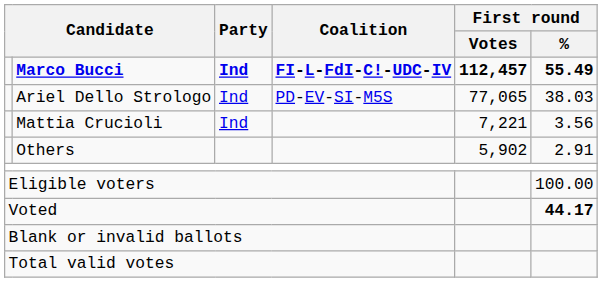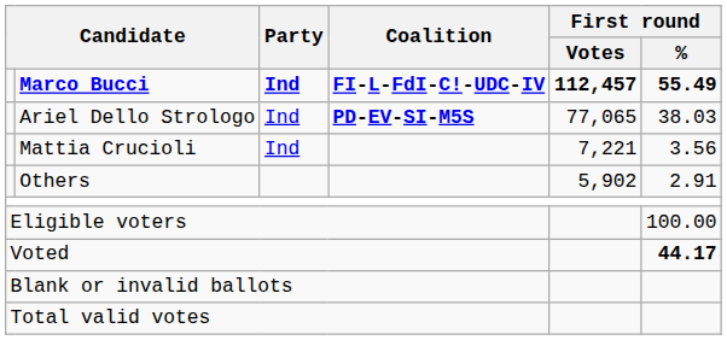 <table class="wikitable centre">
 <tr>
 <th scope="col" rowspan=2 colspan=2>Candidate</th>
 <th scope="col" rowspan=2 colspan=1>Party</th>
 <th scope="col" rowspan=2 colspan=1>Coalition</th>
 <th scope="col" colspan=2>First round</th>
 </tr>
 <tr>
 <th scope="col">Votes</th>
 <th scope="col">%</th>
 </tr>
 <tr>
 <td></td>
 <td><strong><a href='#'>Marco Bucci</a></strong></td>
 <td><strong><a href='#'>Ind</a></strong></td>
 <td><strong><a href='#'>FI</a>-<a href='#'>L</a>-<a href='#'>FdI</a>-<a href='#'>C!</a>-<a href='#'>UDC</a>-<a href='#'>IV</a></strong></td>
 <td style="text-align: right"><strong>112,457</strong></td>
 <td style="text-align: right"><strong>55.49</strong></td>
 </tr>
 <tr>
 <td></td>
 <td>Ariel Dello Strologo</td>
 <td><a href='#'>Ind</a></td>
-<td><a href='#'>PD</a>-<a href='#'>EV</a>-<a href='#'>SI</a>-<a href='#'>M5S</a></td>
+<td><strong><a href='#'>PD</a>-<a href='#'>EV</a>-<a href='#'>SI</a>-<a href='#'>M5S</a></strong></td>
 <td style="text-align: right">77,065</td>
 <td style="text-align: right">38.03</td>
 </tr>
 <tr>
 <td></td>
 <td>Mattia Crucioli</td>
 <td><a href='#'>Ind</a></td>
 <td></td>
 <td style="text-align: right">7,221</td>
 <td style="text-align: right">3.56</td>
 </tr>
 <tr>
 <td bgcolor=""></td>
 <td>Others</td>
 <td></td>
 <td></td>
 <td style="text-align: right">5,902</td>
 <td style="text-align: right">2.91</td>
 </tr>
 <tr bgcolor=white>
 <td colspan=8></td>
 </tr>
 <tr>
 <td colspan=4>Eligible voters</td>
 <td style="text-align: right"></td>
 <td style="text-align: right">100.00</td>
 </tr>
 <tr>
 <td colspan=4>Voted</td>
 <td style="text-align: right"></td>
 <td style="text-align: right"><strong>44.17</strong></td>
 </tr>
 <tr>
 <td colspan=4>Blank or invalid ballots</td>
 <td style="text-align: right"></td>
 <td style="text-align: right"></td>
 </tr>
 <tr>
 <td colspan=4>Total valid votes</td>
 <td style="text-align: right"></td>
 <td style="text-align: right"></td>
 </tr>
 </table>
